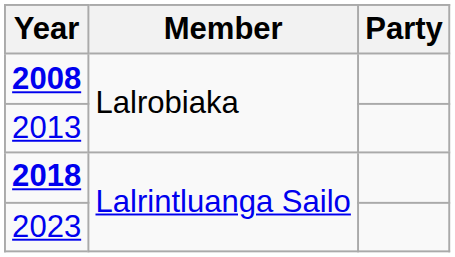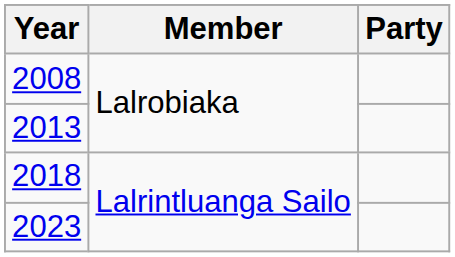 <table class="wikitable sortable">
 <tr>
 <th>Year</th>
 <th>Member</th>
 <th colspan="2">Party</th>
 </tr>
 <tr>
-<td><strong><a href='#'>2008</a></strong></td>
+<td><a href='#'>2008</a></td>
 <td rowspan=2>Lalrobiaka</td>
 <td></td>
 </tr>
 <tr>
 <td><a href='#'>2013</a></td>
 </tr>
 <tr>
-<td><strong><a href='#'>2018</a></strong></td>
+<td><a href='#'>2018</a></td>
 <td rowspan=2><a href='#'>Lalrintluanga Sailo</a></td>
 <td></td>
 </tr>
 <tr>
 <td><a href='#'>2023</a></td>
 </tr>
 </table>
